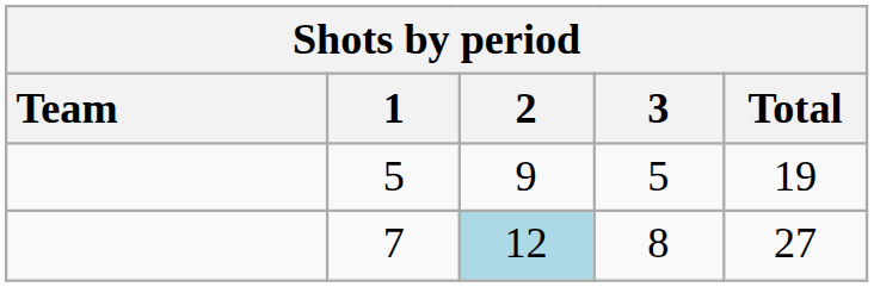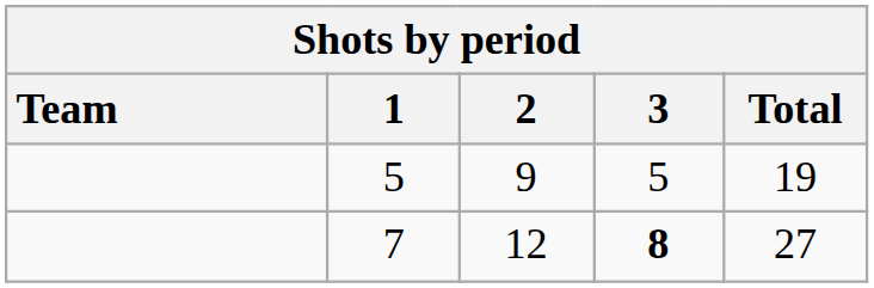 <table class="wikitable" style="width:20em;">
 <tr>
 <th colspan="6">Shots by period</th>
 </tr>
 <tr>
 <th style="width:8em; text-align:left;">Team</th>
 <th style="width:3em;">1</th>
 <th style="width:3em;">2</th>
 <th style="width:3em;">3</th>
 <th style="width:3em;">Total</th>
 </tr>
 <tr style="text-align:center;">
 <td style="text-align:left;"></td>
 <td>5</td>
 <td>9</td>
 <td>5</td>
 <td>19</td>
 </tr>
 <tr style="text-align:center;">
 <td style="text-align:left;"></td>
 <td>7</td>
-<td style="background: lightblue;">12</td>
-<td>8</td>
+<td>12</td>
+<td><strong>8</strong></td>
 <td>27</td>
 </tr>
 </table>
